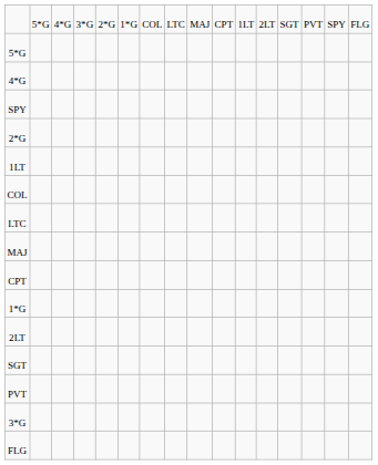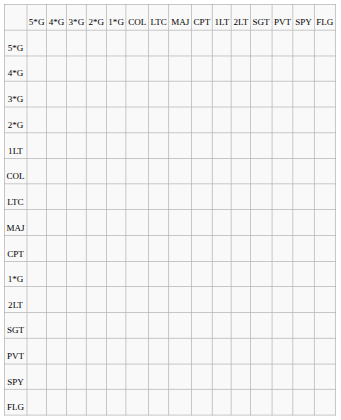 <table class="wikitable" style="text-align:center;font-size:90%;">
 <tr>
 <td> </td>
 <td><br>5*G</td>
 <td><br>4*G</td>
 <td><br>3*G</td>
 <td><br>2*G</td>
 <td><br>1*G</td>
 <td><br>COL</td>
 <td><br>LTC</td>
 <td><br>MAJ</td>
 <td><br>CPT</td>
 <td><br>1LT</td>
 <td><br>2LT</td>
 <td><br>SGT</td>
 <td><br>PVT</td>
 <td><br>SPY</td>
 <td><br>FLG</td>
 </tr>
 <tr>
 <td><br>5*G</td>
 <td></td>
 <td></td>
 <td></td>
 <td></td>
 <td></td>
 <td></td>
 <td></td>
 <td></td>
 <td></td>
 <td></td>
 <td></td>
 <td></td>
 <td></td>
 <td></td>
 <td></td>
 </tr>
 <tr>
 <td><br>4*G</td>
 <td></td>
 <td></td>
 <td></td>
 <td></td>
 <td></td>
 <td></td>
 <td></td>
 <td></td>
 <td></td>
 <td></td>
 <td></td>
 <td></td>
 <td></td>
 <td></td>
 <td></td>
 </tr>
 <tr>
-<td><br>SPY</td>
+<td><br>3*G</td>
 <td></td>
 <td></td>
 <td></td>
 <td></td>
 <td></td>
 <td></td>
 <td></td>
 <td></td>
 <td></td>
 <td></td>
 <td></td>
 <td></td>
 <td></td>
 <td></td>
 <td></td>
 </tr>
 <tr>
 <td><br>2*G</td>
 <td></td>
 <td></td>
 <td></td>
 <td></td>
 <td></td>
 <td></td>
 <td></td>
 <td></td>
 <td></td>
 <td></td>
 <td></td>
 <td></td>
 <td></td>
 <td></td>
 <td></td>
 </tr>
 <tr>
 <td><br>1LT</td>
 <td></td>
 <td></td>
 <td></td>
 <td></td>
 <td></td>
 <td></td>
 <td></td>
 <td></td>
 <td></td>
 <td></td>
 <td></td>
 <td></td>
 <td></td>
 <td></td>
 <td></td>
 </tr>
 <tr>
 <td><br>COL</td>
 <td></td>
 <td></td>
 <td></td>
 <td></td>
 <td></td>
 <td></td>
 <td></td>
 <td></td>
 <td></td>
 <td></td>
 <td></td>
 <td></td>
 <td></td>
 <td></td>
 <td></td>
 </tr>
 <tr>
 <td><br>LTC</td>
 <td></td>
 <td></td>
 <td></td>
 <td></td>
 <td></td>
 <td></td>
 <td></td>
 <td></td>
 <td></td>
 <td></td>
 <td></td>
 <td></td>
 <td></td>
 <td></td>
 <td></td>
 </tr>
 <tr>
 <td><br>MAJ</td>
 <td></td>
 <td></td>
 <td></td>
 <td></td>
 <td></td>
 <td></td>
 <td></td>
 <td></td>
 <td></td>
 <td></td>
 <td></td>
 <td></td>
 <td></td>
 <td></td>
 <td></td>
 </tr>
 <tr>
 <td><br>CPT</td>
 <td></td>
 <td></td>
 <td></td>
 <td></td>
 <td></td>
 <td></td>
 <td></td>
 <td></td>
 <td></td>
 <td></td>
 <td></td>
 <td></td>
 <td></td>
 <td></td>
 <td></td>
 </tr>
 <tr>
 <td><br>1*G</td>
 <td></td>
 <td></td>
 <td></td>
 <td></td>
 <td></td>
 <td></td>
 <td></td>
 <td></td>
 <td></td>
 <td></td>
 <td></td>
 <td></td>
 <td></td>
 <td></td>
 <td></td>
 </tr>
 <tr>
 <td><br>2LT</td>
 <td></td>
 <td></td>
 <td></td>
 <td></td>
 <td></td>
 <td></td>
 <td></td>
 <td></td>
 <td></td>
 <td></td>
 <td></td>
 <td></td>
 <td></td>
 <td></td>
 <td></td>
 </tr>
 <tr>
 <td><br>SGT</td>
 <td></td>
 <td></td>
 <td></td>
 <td></td>
 <td></td>
 <td></td>
 <td></td>
 <td></td>
 <td></td>
 <td></td>
 <td></td>
 <td></td>
 <td></td>
 <td></td>
 <td></td>
 </tr>
 <tr>
 <td><br>PVT</td>
 <td></td>
 <td></td>
 <td></td>
 <td></td>
 <td></td>
 <td></td>
 <td></td>
 <td></td>
 <td></td>
 <td></td>
 <td></td>
 <td></td>
 <td></td>
 <td></td>
 <td></td>
 </tr>
 <tr>
-<td><br>3*G</td>
+<td><br>SPY</td>
 <td></td>
 <td></td>
 <td></td>
 <td></td>
 <td></td>
 <td></td>
 <td></td>
 <td></td>
 <td></td>
 <td></td>
 <td></td>
 <td></td>
 <td></td>
 <td></td>
 <td></td>
 </tr>
 <tr>
 <td><br>FLG</td>
 <td></td>
 <td></td>
 <td></td>
 <td></td>
 <td></td>
 <td></td>
 <td></td>
 <td></td>
 <td></td>
 <td></td>
 <td></td>
 <td></td>
 <td></td>
 <td></td>
 <td></td>
 </tr>
 </table>
